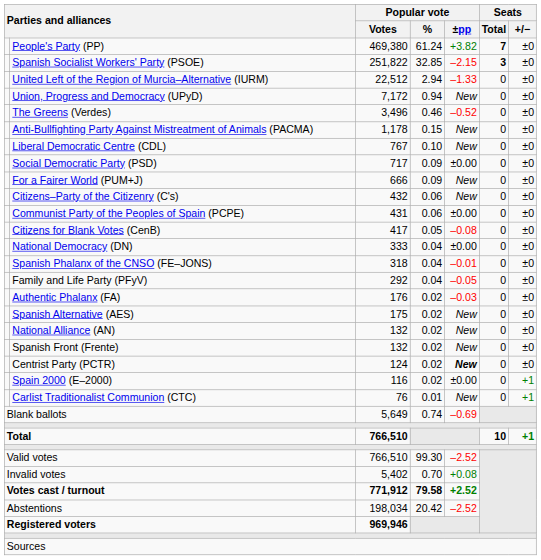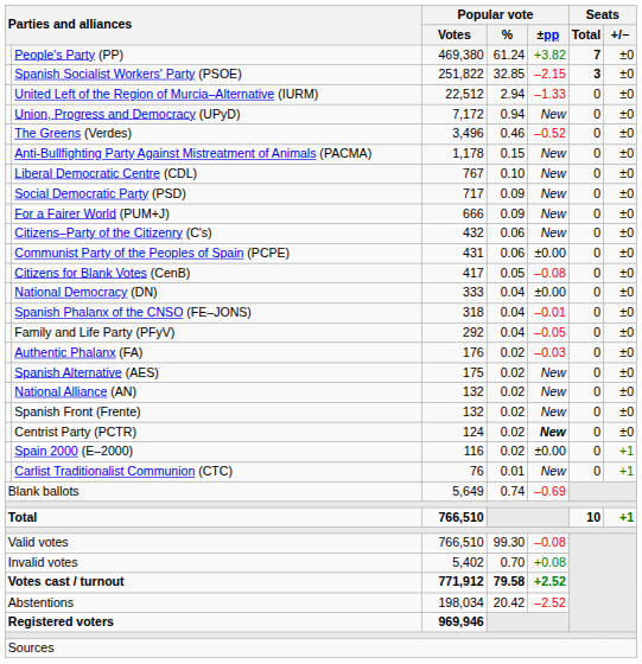 <table class="wikitable" style="text-align:right;">
 <tr>
 <th style="text-align:left;" rowspan="2" colspan="2" width="525">Parties and alliances</th>
 <th colspan="3">Popular vote</th>
 <th colspan="2">Seats</th>
 </tr>
 <tr>
 <th width="75">Votes</th>
 <th width="45">%</th>
 <th width="45">±<a href='#'>pp</a></th>
 <th width="35">Total</th>
 <th width="35">+/−</th>
 </tr>
 <tr>
 <td width="1" style="color:inherit;background:"></td>
 <td align="left"><a href='#'>People's Party</a> (PP)</td>
 <td>469,380</td>
 <td>61.24</td>
 <td style="color:green;">+3.82</td>
 <td><strong>7</strong></td>
 <td>±0</td>
 </tr>
 <tr>
 <td style="color:inherit;background:"></td>
 <td align="left"><a href='#'>Spanish Socialist Workers' Party</a> (PSOE)</td>
 <td>251,822</td>
 <td>32.85</td>
 <td style="color:red;">–2.15</td>
 <td><strong>3</strong></td>
 <td>±0</td>
 </tr>
 <tr>
 <td style="color:inherit;background:"></td>
 <td align="left"><a href='#'>United Left of the Region of Murcia–Alternative</a> (IURM)</td>
 <td>22,512</td>
 <td>2.94</td>
 <td style="color:red;">–1.33</td>
 <td>0</td>
 <td>±0</td>
 </tr>
 <tr>
 <td style="color:inherit;background:"></td>
 <td align="left"><a href='#'>Union, Progress and Democracy</a> (UPyD)</td>
 <td>7,172</td>
 <td>0.94</td>
 <td><em>New</em></td>
 <td>0</td>
 <td>±0</td>
 </tr>
 <tr>
 <td style="color:inherit;background:"></td>
 <td align="left"><a href='#'>The Greens</a> (Verdes)</td>
 <td>3,496</td>
 <td>0.46</td>
 <td style="color:red;">–0.52</td>
 <td>0</td>
 <td>±0</td>
 </tr>
 <tr>
 <td style="color:inherit;background:"></td>
 <td align="left"><a href='#'>Anti-Bullfighting Party Against Mistreatment of Animals</a> (PACMA)</td>
 <td>1,178</td>
 <td>0.15</td>
 <td><em>New</em></td>
 <td>0</td>
 <td>±0</td>
 </tr>
 <tr>
 <td style="color:inherit;background:"></td>
 <td align="left"><a href='#'>Liberal Democratic Centre</a> (CDL)</td>
 <td>767</td>
 <td>0.10</td>
 <td><em>New</em></td>
 <td>0</td>
 <td>±0</td>
 </tr>
 <tr>
 <td style="color:inherit;background:"></td>
 <td align="left"><a href='#'>Social Democratic Party</a> (PSD)</td>
 <td>717</td>
 <td>0.09</td>
-<td>±0.00</td>
+<td><em>New</em></td>
 <td>0</td>
 <td>±0</td>
 </tr>
 <tr>
 <td style="color:inherit;background:"></td>
 <td align="left"><a href='#'>For a Fairer World</a> (PUM+J)</td>
 <td>666</td>
 <td>0.09</td>
 <td><em>New</em></td>
 <td>0</td>
 <td>±0</td>
 </tr>
 <tr>
 <td style="color:inherit;background:"></td>
 <td align="left"><a href='#'>Citizens–Party of the Citizenry</a> (C's)</td>
 <td>432</td>
 <td>0.06</td>
 <td><em>New</em></td>
 <td>0</td>
 <td>±0</td>
 </tr>
 <tr>
 <td style="color:inherit;background:"></td>
 <td align="left"><a href='#'>Communist Party of the Peoples of Spain</a> (PCPE)</td>
 <td>431</td>
 <td>0.06</td>
 <td>±0.00</td>
 <td>0</td>
 <td>±0</td>
 </tr>
 <tr>
 <td style="color:inherit;background:"></td>
 <td align="left"><a href='#'>Citizens for Blank Votes</a> (CenB)</td>
 <td>417</td>
 <td>0.05</td>
 <td style="color:red;">–0.08</td>
 <td>0</td>
 <td>±0</td>
 </tr>
 <tr>
 <td style="color:inherit;background:"></td>
 <td align="left"><a href='#'>National Democracy</a> (DN)</td>
 <td>333</td>
 <td>0.04</td>
 <td>±0.00</td>
 <td>0</td>
 <td>±0</td>
 </tr>
 <tr>
 <td style="color:inherit;background:"></td>
 <td align="left"><a href='#'>Spanish Phalanx of the CNSO</a> (FE–JONS)</td>
 <td>318</td>
 <td>0.04</td>
 <td style="color:red;">–0.01</td>
 <td>0</td>
 <td>±0</td>
 </tr>
 <tr>
 <td style="color:inherit;background:"></td>
 <td align="left">Family and Life Party (PFyV)</td>
 <td>292</td>
 <td>0.04</td>
 <td style="color:red;">–0.05</td>
 <td>0</td>
 <td>±0</td>
 </tr>
 <tr>
 <td style="color:inherit;background:"></td>
 <td align="left"><a href='#'>Authentic Phalanx</a> (FA)</td>
 <td>176</td>
 <td>0.02</td>
 <td style="color:red;">–0.03</td>
 <td>0</td>
 <td>±0</td>
 </tr>
 <tr>
 <td style="color:inherit;background:"></td>
 <td align="left"><a href='#'>Spanish Alternative</a> (AES)</td>
 <td>175</td>
 <td>0.02</td>
 <td><em>New</em></td>
 <td>0</td>
 <td>±0</td>
 </tr>
 <tr>
 <td style="color:inherit;background:"></td>
 <td align="left"><a href='#'>National Alliance</a> (AN)</td>
 <td>132</td>
 <td>0.02</td>
 <td><em>New</em></td>
 <td>0</td>
 <td>±0</td>
 </tr>
 <tr>
 <td style="color:inherit;background:"></td>
 <td align="left">Spanish Front (Frente)</td>
 <td>132</td>
 <td>0.02</td>
 <td><em>New</em></td>
 <td>0</td>
 <td>±0</td>
 </tr>
 <tr>
 <td style="color:inherit;background:"></td>
 <td align="left">Centrist Party (PCTR)</td>
 <td>124</td>
 <td>0.02</td>
 <td><strong><em>New</em></strong></td>
 <td>0</td>
 <td>±0</td>
 </tr>
 <tr>
 <td style="color:inherit;background:"></td>
 <td align="left"><a href='#'>Spain 2000</a> (E–2000)</td>
 <td>116</td>
 <td>0.02</td>
 <td>±0.00</td>
 <td>0</td>
 <td style="color:green;">+1</td>
 </tr>
 <tr>
 <td style="color:inherit;background:"></td>
 <td align="left"><a href='#'>Carlist Traditionalist Communion</a> (CTC)</td>
 <td>76</td>
 <td>0.01</td>
 <td><em>New</em></td>
 <td>0</td>
 <td style="color:green;">+1</td>
 </tr>
 <tr>
 <td align="left" colspan="2">Blank ballots</td>
 <td>5,649</td>
 <td>0.74</td>
 <td style="color:red;">–0.69</td>
 <td bgcolor="#E9E9E9" colspan="2"></td>
 </tr>
 <tr>
 <td colspan="7" bgcolor="#E9E9E9"></td>
 </tr>
 <tr style="font-weight:bold;">
 <td align="left" colspan="2">Total</td>
 <td>766,510</td>
 <td bgcolor="#E9E9E9" colspan="2"></td>
 <td>10</td>
 <td style="color:green;">+1</td>
 </tr>
 <tr>
 <td colspan="7" bgcolor="#E9E9E9"></td>
 </tr>
 <tr>
 <td align="left" colspan="2">Valid votes</td>
 <td>766,510</td>
 <td>99.30</td>
-<td style="color:red;">–2.52</td>
+<td style="color:red;">–0.08</td>
 <td bgcolor="#E9E9E9" colspan="2" rowspan="5"></td>
 </tr>
 <tr>
 <td align="left" colspan="2">Invalid votes</td>
 <td>5,402</td>
 <td>0.70</td>
 <td style="color:green;">+0.08</td>
 </tr>
 <tr style="font-weight:bold;">
 <td align="left" colspan="2">Votes cast / turnout</td>
 <td>771,912</td>
 <td>79.58</td>
 <td style="color:green;">+2.52</td>
 </tr>
 <tr>
 <td align="left" colspan="2">Abstentions</td>
 <td>198,034</td>
 <td>20.42</td>
 <td style="color:red;">–2.52</td>
 </tr>
 <tr style="font-weight:bold;">
 <td align="left" colspan="2">Registered voters</td>
 <td>969,946</td>
 <td bgcolor="#E9E9E9" colspan="2"></td>
 </tr>
 <tr>
 <td colspan="7" bgcolor="#E9E9E9"></td>
 </tr>
 <tr>
 <td align="left" colspan="7">Sources</td>
 </tr>
 </table>
